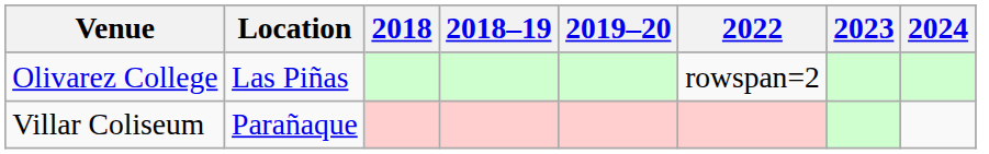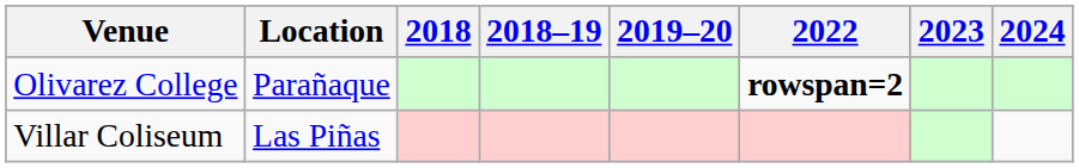 <table class="wikitable sortable" style="text-align:center">
 <tr>
 <th>Venue</th>
 <th>Location</th>
 <th><a href='#'>2018</a></th>
 <th><a href='#'>2018–19</a></th>
 <th><a href='#'>2019–20</a></th>
 <th><a href='#'>2022</a></th>
 <th><a href='#'>2023</a></th>
 <th><a href='#'>2024</a></th>
 </tr>
 <tr>
 <td align=left><a href='#'>Olivarez College</a> <br> </td>
-<td align=left><a href='#'>Las Piñas</a></td>
+<td align=left><a href='#'>Parañaque</a></td>
 <td bgcolor="CFFFCF"></td>
 <td bgcolor="CFFFCF"></td>
 <td bgcolor="CFFFCF"></td>
-<td>rowspan=2 </td>
+<td><strong>rowspan=2 </strong></td>
 <td bgcolor="CFFFCF"></td>
 <td bgcolor="CFFFCF"></td>
 </tr>
 <tr>
 <td align=left>Villar Coliseum</td>
-<td align=left><a href='#'>Parañaque</a></td>
+<td align=left><a href='#'>Las Piñas</a></td>
 <td bgcolor="FFCFCF"></td>
 <td bgcolor="FFCFCF"></td>
 <td bgcolor="FFCFCF"></td>
 <td bgcolor="FFCFCF"></td>
 <td bgcolor="CFFFCF"></td>
 </tr>
 </table>
